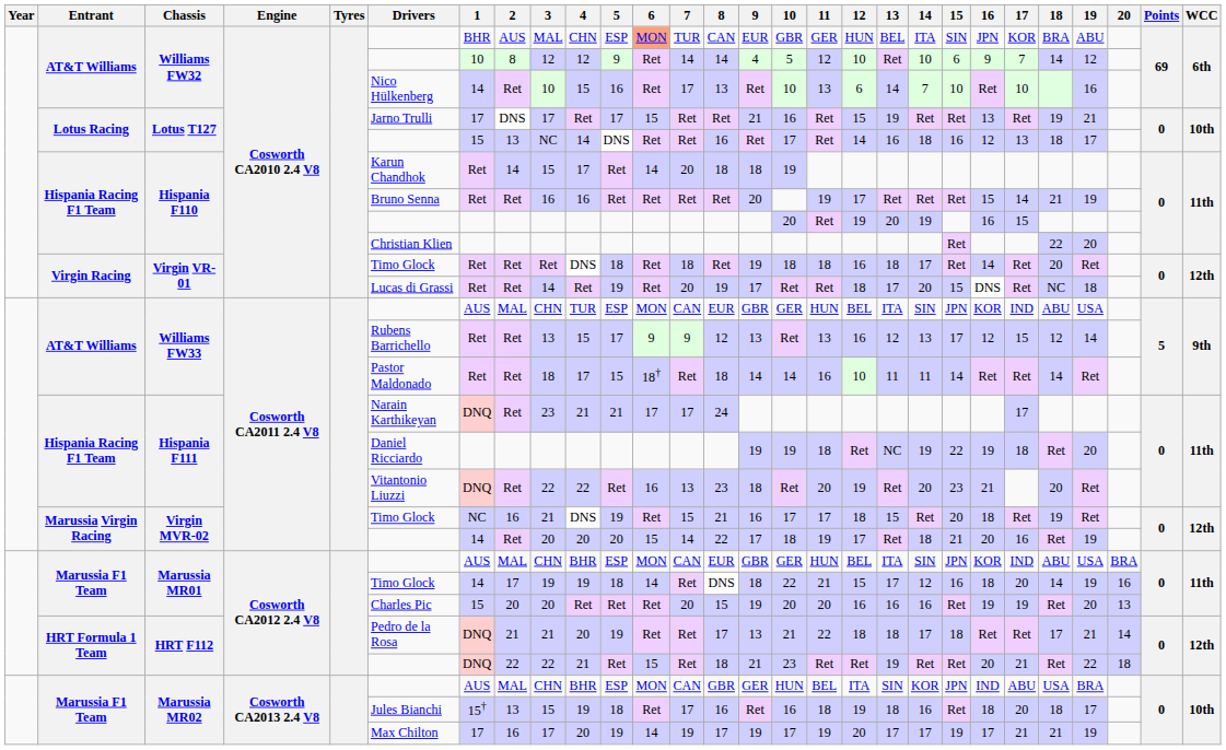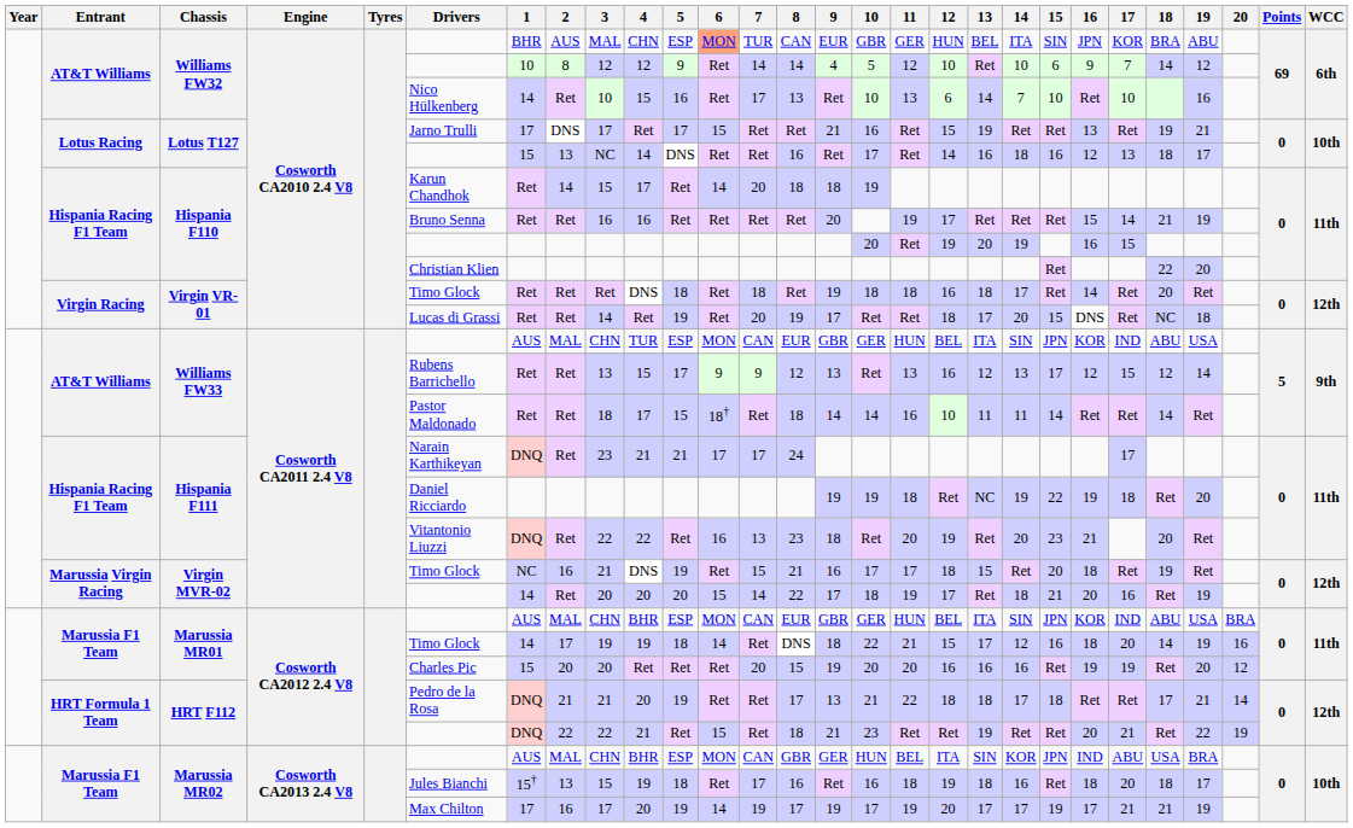 <table class="wikitable" style="text-align:center; font-size:85%">
 <tr>
 <th>Year</th>
 <th>Entrant</th>
 <th>Chassis</th>
 <th>Engine</th>
 <th>Tyres</th>
 <th>Drivers</th>
 <th>1</th>
 <th>2</th>
 <th>3</th>
 <th>4</th>
 <th>5</th>
 <th>6</th>
 <th>7</th>
 <th>8</th>
 <th>9</th>
 <th>10</th>
 <th>11</th>
 <th>12</th>
 <th>13</th>
 <th>14</th>
 <th>15</th>
 <th>16</th>
 <th>17</th>
 <th>18</th>
 <th>19</th>
 <th>20</th>
 <th><a href='#'>Points</a></th>
 <th>WCC</th>
 </tr>
 <tr>
 <td rowspan="11"></td>
 <th rowspan="3"><a href='#'>AT&T Williams</a></th>
 <th rowspan="3"><a href='#'>Williams</a> <a href='#'>FW32</a></th>
 <th rowspan="11"><a href='#'>Cosworth</a> CA2010 2.4 <a href='#'>V8</a></th>
 <th rowspan="11"></th>
 <td></td>
 <td><a href='#'>BHR</a></td>
 <td><a href='#'>AUS</a></td>
 <td><a href='#'>MAL</a></td>
 <td><a href='#'>CHN</a></td>
 <td><a href='#'>ESP</a></td>
 <td style="background: lightsalmon;"><a href='#'>MON</a></td>
 <td><a href='#'>TUR</a></td>
 <td><a href='#'>CAN</a></td>
 <td><a href='#'>EUR</a></td>
 <td><a href='#'>GBR</a></td>
 <td><a href='#'>GER</a></td>
 <td><a href='#'>HUN</a></td>
 <td><a href='#'>BEL</a></td>
 <td><a href='#'>ITA</a></td>
 <td><a href='#'>SIN</a></td>
 <td><a href='#'>JPN</a></td>
 <td><a href='#'>KOR</a></td>
 <td><a href='#'>BRA</a></td>
 <td><a href='#'>ABU</a></td>
 <td></td>
 <th rowspan="3">69</th>
 <th rowspan="3">6th</th>
 </tr>
 <tr>
 <td align="left"></td>
 <td style="background:#DFFFDF;">10</td>
 <td style="background:#DFFFDF;">8</td>
 <td style="background:#CFCFFF;">12</td>
 <td style="background:#CFCFFF;">12</td>
 <td style="background:#DFFFDF;">9</td>
 <td style="background:#EFCFFF;">Ret</td>
 <td style="background:#CFCFFF;">14</td>
 <td style="background:#CFCFFF;">14</td>
 <td style="background:#DFFFDF;">4</td>
 <td style="background:#DFFFDF;">5</td>
 <td style="background:#CFCFFF;">12</td>
 <td style="background:#DFFFDF;">10</td>
 <td style="background:#EFCFFF;">Ret</td>
 <td style="background:#DFFFDF;">10</td>
 <td style="background:#DFFFDF;">6</td>
 <td style="background:#DFFFDF;">9</td>
 <td style="background:#DFFFDF;">7</td>
 <td style="background:#CFCFFF;">14</td>
 <td style="background:#CFCFFF;">12</td>
 <td></td>
 </tr>
 <tr>
 <td align="left"> <a href='#'>Nico Hülkenberg</a></td>
 <td style="background:#CFCFFF;">14</td>
 <td style="background:#EFCFFF;">Ret</td>
 <td style="background:#DFFFDF;">10</td>
 <td style="background:#CFCFFF;">15</td>
 <td style="background:#CFCFFF;">16</td>
 <td style="background:#EFCFFF;">Ret</td>
 <td style="background:#CFCFFF;">17</td>
 <td style="background:#CFCFFF;">13</td>
 <td style="background:#EFCFFF;">Ret</td>
 <td style="background:#DFFFDF;">10</td>
 <td style="background:#CFCFFF;">13</td>
 <td style="background:#DFFFDF;">6</td>
 <td style="background:#CFCFFF;">14</td>
 <td style="background:#DFFFDF;">7</td>
 <td style="background:#DFFFDF;">10</td>
 <td style="background:#EFCFFF;">Ret</td>
 <td style="background:#DFFFDF;">10</td>
 <td style="background:#DFFFDF;"></td>
 <td style="background:#CFCFFF;">16</td>
 <td></td>
 </tr>
 <tr>
 <th rowspan="2"><a href='#'>Lotus Racing</a></th>
 <th rowspan="2"><a href='#'>Lotus</a> <a href='#'>T127</a></th>
 <td align="left"> <a href='#'>Jarno Trulli</a></td>
 <td style="background:#cfcfff;">17</td>
 <td style="background:#ffffff;">DNS</td>
 <td style="background:#cfcfff;">17</td>
 <td style="background:#efcfff;">Ret</td>
 <td style="background:#cfcfff;">17</td>
 <td style="background:#cfcfff;">15</td>
 <td style="background:#efcfff;">Ret</td>
 <td style="background:#efcfff;">Ret</td>
 <td style="background:#cfcfff;">21</td>
 <td style="background:#cfcfff;">16</td>
 <td style="background:#efcfff;">Ret</td>
 <td style="background:#cfcfff;">15</td>
 <td style="background:#cfcfff;">19</td>
 <td style="background:#efcfff;">Ret</td>
 <td style="background:#efcfff;">Ret</td>
 <td style="background:#cfcfff;">13</td>
 <td style="background:#efcfff;">Ret</td>
 <td style="background:#cfcfff;">19</td>
 <td style="background:#cfcfff;">21</td>
 <td></td>
 <th rowspan="2">0</th>
 <th rowspan="2">10th</th>
 </tr>
 <tr>
 <td align="left"></td>
 <td style="background:#cfcfff;">15</td>
 <td style="background:#cfcfff;">13</td>
 <td style="background:#cfcfff;">NC</td>
 <td style="background:#cfcfff;">14</td>
 <td style="background:#ffffff;">DNS</td>
 <td style="background:#efcfff;">Ret</td>
 <td style="background:#efcfff;">Ret</td>
 <td style="background:#cfcfff;">16</td>
 <td style="background:#efcfff;">Ret</td>
 <td style="background:#cfcfff;">17</td>
 <td style="background:#efcfff;">Ret</td>
 <td style="background:#cfcfff;">14</td>
 <td style="background:#cfcfff;">16</td>
 <td style="background:#cfcfff;">18</td>
 <td style="background:#cfcfff;">16</td>
 <td style="background:#cfcfff;">12</td>
 <td style="background:#cfcfff;">13</td>
 <td style="background:#cfcfff;">18</td>
 <td style="background:#cfcfff;">17</td>
 <td></td>
 </tr>
 <tr>
 <th rowspan="4"><a href='#'>Hispania Racing F1 Team</a></th>
 <th rowspan="4"><a href='#'>Hispania</a> <a href='#'>F110</a></th>
 <td align="left"> <a href='#'>Karun Chandhok</a></td>
 <td style="background:#EFCFFF;">Ret</td>
 <td style="background:#CFCFFF;">14</td>
 <td style="background:#CFCFFF;">15</td>
 <td style="background:#CFCFFF;">17</td>
 <td style="background:#EFCFFF;">Ret</td>
 <td style="background:#CFCFFF;">14</td>
 <td style="background:#CFCFFF;">20</td>
 <td style="background:#CFCFFF;">18</td>
 <td style="background:#CFCFFF;">18</td>
 <td style="background:#CFCFFF;">19</td>
 <td></td>
 <td></td>
 <td></td>
 <td></td>
 <td></td>
 <td></td>
 <td></td>
 <td></td>
 <td></td>
 <td></td>
 <th rowspan="4">0</th>
 <th rowspan="4">11th</th>
 </tr>
 <tr>
 <td align="left"> <a href='#'>Bruno Senna</a></td>
 <td style="background:#EFCFFF;">Ret</td>
 <td style="background:#EFCFFF;">Ret</td>
 <td style="background:#CFCFFF;">16</td>
 <td style="background:#CFCFFF;">16</td>
 <td style="background:#EFCFFF;">Ret</td>
 <td style="background:#EFCFFF;">Ret</td>
 <td style="background:#EFCFFF;">Ret</td>
 <td style="background:#EFCFFF;">Ret</td>
 <td style="background:#CFCFFF;">20</td>
 <td></td>
 <td style="background:#CFCFFF;">19</td>
 <td style="background:#CFCFFF;">17</td>
 <td style="background:#EFCFFF;">Ret</td>
 <td style="background:#EFCFFF;">Ret</td>
 <td style="background:#EFCFFF;">Ret</td>
 <td style="background:#CFCFFF;">15</td>
 <td style="background:#CFCFFF;">14</td>
 <td style="background:#CFCFFF;">21</td>
 <td style="background:#CFCFFF;">19</td>
 <td></td>
 </tr>
 <tr>
 <td align="left"></td>
 <td></td>
 <td></td>
 <td></td>
 <td></td>
 <td></td>
 <td></td>
 <td></td>
 <td></td>
 <td></td>
 <td style="background:#CFCFFF;">20</td>
 <td style="background:#EFCFFF;">Ret</td>
 <td style="background:#CFCFFF;">19</td>
 <td style="background:#CFCFFF;">20</td>
 <td style="background:#CFCFFF;">19</td>
 <td></td>
 <td style="background:#CFCFFF;">16</td>
 <td style="background:#CFCFFF;">15</td>
 <td></td>
 <td></td>
 <td></td>
 </tr>
 <tr>
 <td align="left"> <a href='#'>Christian Klien</a></td>
 <td></td>
 <td></td>
 <td></td>
 <td></td>
 <td></td>
 <td></td>
 <td></td>
 <td></td>
 <td></td>
 <td></td>
 <td></td>
 <td></td>
 <td></td>
 <td></td>
 <td style="background:#EFCFFF;">Ret</td>
 <td></td>
 <td></td>
 <td style="background:#CFCFFF;">22</td>
 <td style="background:#CFCFFF;">20</td>
 <td></td>
 </tr>
 <tr>
 <th rowspan="2"><a href='#'>Virgin Racing</a></th>
 <th rowspan="2"><a href='#'>Virgin</a> <a href='#'>VR-01</a></th>
 <td align="left"> <a href='#'>Timo Glock</a></td>
 <td style="background:#EFCFFF;">Ret</td>
 <td style="background:#EFCFFF;">Ret</td>
 <td style="background:#EFCFFF;">Ret</td>
 <td style="background:#FFFFFF;">DNS</td>
 <td style="background:#CFCFFF;">18</td>
 <td style="background:#EFCFFF;">Ret</td>
 <td style="background:#CFCFFF;">18</td>
 <td style="background:#EFCFFF;">Ret</td>
 <td style="background:#CFCFFF;">19</td>
 <td style="background:#CFCFFF;">18</td>
 <td style="background:#CFCFFF;">18</td>
 <td style="background:#CFCFFF;">16</td>
 <td style="background:#CFCFFF;">18</td>
 <td style="background:#CFCFFF;">17</td>
 <td style="background:#EFCFFF;">Ret</td>
 <td style="background:#CFCFFF;">14</td>
 <td style="background:#EFCFFF;">Ret</td>
 <td style="background:#CFCFFF;">20</td>
 <td style="background:#EFCFFF;">Ret</td>
 <td></td>
 <th rowspan="2">0</th>
 <th rowspan="2">12th</th>
 </tr>
 <tr>
 <td align="left"> <a href='#'>Lucas di Grassi</a></td>
 <td style="background:#EFCFFF;">Ret</td>
 <td style="background:#EFCFFF;">Ret</td>
 <td style="background:#CFCFFF;">14</td>
 <td style="background:#EFCFFF;">Ret</td>
 <td style="background:#CFCFFF;">19</td>
 <td style="background:#EFCFFF;">Ret</td>
 <td style="background:#CFCFFF;">20</td>
 <td style="background:#CFCFFF;">19</td>
 <td style="background:#CFCFFF;">17</td>
 <td style="background:#EFCFFF;">Ret</td>
 <td style="background:#EFCFFF;">Ret</td>
 <td style="background:#CFCFFF;">18</td>
 <td style="background:#CFCFFF;">17</td>
 <td style="background:#CFCFFF;">20</td>
 <td style="background:#CFCFFF;">15</td>
 <td style="background:#FFFFFF;">DNS</td>
 <td style="background:#EFCFFF;">Ret</td>
 <td style="background:#CFCFFF;">NC</td>
 <td style="background:#CFCFFF;">18</td>
 <td></td>
 </tr>
 <tr>
 <td rowspan="8"></td>
 <th rowspan="3"><a href='#'>AT&T Williams</a></th>
 <th rowspan="3"><a href='#'>Williams</a> <a href='#'>FW33</a></th>
 <th rowspan="8"><a href='#'>Cosworth</a> CA2011 2.4 <a href='#'>V8</a></th>
 <th rowspan="8"></th>
 <td></td>
 <td><a href='#'>AUS</a></td>
 <td><a href='#'>MAL</a></td>
 <td><a href='#'>CHN</a></td>
 <td><a href='#'>TUR</a></td>
 <td><a href='#'>ESP</a></td>
 <td><a href='#'>MON</a></td>
 <td><a href='#'>CAN</a></td>
 <td><a href='#'>EUR</a></td>
 <td><a href='#'>GBR</a></td>
 <td><a href='#'>GER</a></td>
 <td><a href='#'>HUN</a></td>
 <td><a href='#'>BEL</a></td>
 <td><a href='#'>ITA</a></td>
 <td><a href='#'>SIN</a></td>
 <td><a href='#'>JPN</a></td>
 <td><a href='#'>KOR</a></td>
 <td><a href='#'>IND</a></td>
 <td><a href='#'>ABU</a></td>
 <td><a href='#'>USA</a></td>
 <td></td>
 <th rowspan="3">5</th>
 <th rowspan="3">9th</th>
 </tr>
 <tr>
 <td align="left"> <a href='#'>Rubens Barrichello</a></td>
 <td style="background:#EFCFFF;">Ret</td>
 <td style="background:#EFCFFF;">Ret</td>
 <td style="background:#CFCFFF;">13</td>
 <td style="background:#CFCFFF;">15</td>
 <td style="background:#CFCFFF;">17</td>
 <td style="background:#DFFFDF;">9</td>
 <td style="background:#DFFFDF;">9</td>
 <td style="background:#CFCFFF;">12</td>
 <td style="background:#CFCFFF;">13</td>
 <td style="background:#EFCFFF;">Ret</td>
 <td style="background:#CFCFFF;">13</td>
 <td style="background:#CFCFFF;">16</td>
 <td style="background:#CFCFFF;">12</td>
 <td style="background:#CFCFFF;">13</td>
 <td style="background:#CFCFFF;">17</td>
 <td style="background:#CFCFFF;">12</td>
 <td style="background:#CFCFFF;">15</td>
 <td style="background:#CFCFFF;">12</td>
 <td style="background:#CFCFFF;">14</td>
 <td></td>
 </tr>
 <tr>
 <td align="left"> <a href='#'>Pastor Maldonado</a></td>
 <td style="background:#EFCFFF;">Ret</td>
 <td style="background:#EFCFFF;">Ret</td>
 <td style="background:#CFCFFF;">18</td>
 <td style="background:#CFCFFF;">17</td>
 <td style="background:#CFCFFF;">15</td>
 <td style="background:#CFCFFF;">18<sup>†</sup></td>
 <td style="background:#EFCFFF;">Ret</td>
 <td style="background:#CFCFFF;">18</td>
 <td style="background:#CFCFFF;">14</td>
 <td style="background:#CFCFFF;">14</td>
 <td style="background:#CFCFFF;">16</td>
 <td style="background:#DFFFDF;">10</td>
 <td style="background:#CFCFFF;">11</td>
 <td style="background:#CFCFFF;">11</td>
 <td style="background:#CFCFFF;">14</td>
 <td style="background:#EFCFFF;">Ret</td>
 <td style="background:#EFCFFF;">Ret</td>
 <td style="background:#CFCFFF;">14</td>
 <td style="background:#EFCFFF;">Ret</td>
 <td></td>
 </tr>
 <tr>
 <th rowspan="3"><a href='#'>Hispania Racing F1 Team</a></th>
 <th rowspan="3"><a href='#'>Hispania</a> <a href='#'>F111</a></th>
 <td align="left"> <a href='#'>Narain Karthikeyan</a></td>
 <td style="background:#FFCFCF;">DNQ</td>
 <td style="background:#EFCFFF;">Ret</td>
 <td style="background:#CFCFFF;">23</td>
 <td style="background:#CFCFFF;">21</td>
 <td style="background:#CFCFFF;">21</td>
 <td style="background:#CFCFFF;">17</td>
 <td style="background:#CFCFFF;">17</td>
 <td style="background:#CFCFFF;">24</td>
 <td></td>
 <td></td>
 <td></td>
 <td></td>
 <td></td>
 <td></td>
 <td></td>
 <td></td>
 <td style="background:#CFCFFF;">17</td>
 <td></td>
 <td></td>
 <td></td>
 <th rowspan="3">0</th>
 <th rowspan="3">11th</th>
 </tr>
 <tr>
 <td align="left"> <a href='#'>Daniel Ricciardo</a></td>
 <td></td>
 <td></td>
 <td></td>
 <td></td>
 <td></td>
 <td></td>
 <td></td>
 <td></td>
 <td style="background:#CFCFFF;">19</td>
 <td style="background:#CFCFFF;">19</td>
 <td style="background:#CFCFFF;">18</td>
 <td style="background:#EFCFFF;">Ret</td>
 <td style="background:#CFCFFF;">NC</td>
 <td style="background:#CFCFFF;">19</td>
 <td style="background:#CFCFFF;">22</td>
 <td style="background:#CFCFFF;">19</td>
 <td style="background:#CFCFFF;">18</td>
 <td style="background:#EFCFFF;">Ret</td>
 <td style="background:#CFCFFF;">20</td>
 <td></td>
 </tr>
 <tr>
 <td align="left"> <a href='#'>Vitantonio Liuzzi</a></td>
 <td style="background:#FFCFCF;">DNQ</td>
 <td style="background:#EFCFFF;">Ret</td>
 <td style="background:#CFCFFF;">22</td>
 <td style="background:#CFCFFF;">22</td>
 <td style="background:#EFCFFF;">Ret</td>
 <td style="background:#CFCFFF;">16</td>
 <td style="background:#CFCFFF;">13</td>
 <td style="background:#CFCFFF;">23</td>
 <td style="background:#CFCFFF;">18</td>
 <td style="background:#EFCFFF;">Ret</td>
 <td style="background:#CFCFFF;">20</td>
 <td style="background:#CFCFFF;">19</td>
 <td style="background:#EFCFFF;">Ret</td>
 <td style="background:#CFCFFF;">20</td>
 <td style="background:#CFCFFF;">23</td>
 <td style="background:#CFCFFF;">21</td>
 <td></td>
 <td style="background:#CFCFFF;">20</td>
 <td style="background:#EFCFFF;">Ret</td>
 <td></td>
 </tr>
 <tr>
 <th rowspan="2"><a href='#'>Marussia</a> <a href='#'>Virgin Racing</a></th>
 <th rowspan="2"><a href='#'>Virgin</a> <a href='#'>MVR-02</a></th>
 <td align="left"> <a href='#'>Timo Glock</a></td>
 <td style="background:#CFCFFF;">NC</td>
 <td style="background:#CFCFFF;">16</td>
 <td style="background:#CFCFFF;">21</td>
 <td style="background:#FFFFFF;">DNS</td>
 <td style="background:#CFCFFF;">19</td>
 <td style="background:#EFCFFF;">Ret</td>
 <td style="background:#CFCFFF;">15</td>
 <td style="background:#CFCFFF;">21</td>
 <td style="background:#CFCFFF;">16</td>
 <td style="background:#CFCFFF;">17</td>
 <td style="background:#CFCFFF;">17</td>
 <td style="background:#CFCFFF;">18</td>
 <td style="background:#CFCFFF;">15</td>
 <td style="background:#EFCFFF;">Ret</td>
 <td style="background:#CFCFFF;">20</td>
 <td style="background:#CFCFFF;">18</td>
 <td style="background:#EFCFFF;">Ret</td>
 <td style="background:#CFCFFF;">19</td>
 <td style="background:#EFCFFF;">Ret</td>
 <td></td>
 <th rowspan="2">0</th>
 <th rowspan="2">12th</th>
 </tr>
 <tr>
 <td align="left"></td>
 <td style="background:#cfcfff;">14</td>
 <td style="background:#EFCFFF;">Ret</td>
 <td style="background:#CFCFFF;">20</td>
 <td style="background:#CFCFFF;">20</td>
 <td style="background:#CFCFFF;">20</td>
 <td style="background:#CFCFFF;">15</td>
 <td style="background:#CFCFFF;">14</td>
 <td style="background:#CFCFFF;">22</td>
 <td style="background:#CFCFFF;">17</td>
 <td style="background:#CFCFFF;">18</td>
 <td style="background:#CFCFFF;">19</td>
 <td style="background:#CFCFFF;">17</td>
 <td style="background:#EFCFFF;">Ret</td>
 <td style="background:#CFCFFF;">18</td>
 <td style="background:#CFCFFF;">21</td>
 <td style="background:#CFCFFF;">20</td>
 <td style="background:#CFCFFF;">16</td>
 <td style="background:#EFCFFF;">Ret</td>
 <td style="background:#CFCFFF;">19</td>
 <td></td>
 </tr>
 <tr>
 <td rowspan="5"></td>
 <th rowspan="3"><a href='#'>Marussia F1 Team</a></th>
 <th rowspan="3"><a href='#'>Marussia</a> <a href='#'>MR01</a></th>
 <th rowspan="5"><a href='#'>Cosworth</a> CA2012 2.4 <a href='#'>V8</a></th>
 <th rowspan="5"></th>
 <td></td>
 <td><a href='#'>AUS</a></td>
 <td><a href='#'>MAL</a></td>
 <td><a href='#'>CHN</a></td>
 <td><a href='#'>BHR</a></td>
 <td><a href='#'>ESP</a></td>
 <td><a href='#'>MON</a></td>
 <td><a href='#'>CAN</a></td>
 <td><a href='#'>EUR</a></td>
 <td><a href='#'>GBR</a></td>
 <td><a href='#'>GER</a></td>
 <td><a href='#'>HUN</a></td>
 <td><a href='#'>BEL</a></td>
 <td><a href='#'>ITA</a></td>
 <td><a href='#'>SIN</a></td>
 <td><a href='#'>JPN</a></td>
 <td><a href='#'>KOR</a></td>
 <td><a href='#'>IND</a></td>
 <td><a href='#'>ABU</a></td>
 <td><a href='#'>USA</a></td>
 <td><a href='#'>BRA</a></td>
 <th rowspan="3">0</th>
 <th rowspan="3">11th</th>
 </tr>
 <tr>
 <td align="left"> <a href='#'>Timo Glock</a></td>
 <td style="background:#cfcfff;">14</td>
 <td style="background:#cfcfff;">17</td>
 <td style="background:#cfcfff;">19</td>
 <td style="background:#cfcfff;">19</td>
 <td style="background:#cfcfff;">18</td>
 <td style="background:#cfcfff;">14</td>
 <td style="background:#EFCFFF;">Ret</td>
 <td style="background:#fff;">DNS</td>
 <td style="background:#cfcfff;">18</td>
 <td style="background:#cfcfff;">22</td>
 <td style="background:#cfcfff;">21</td>
 <td style="background:#cfcfff;">15</td>
 <td style="background:#cfcfff;">17</td>
 <td style="background:#cfcfff;">12</td>
 <td style="background:#cfcfff;">16</td>
 <td style="background:#cfcfff;">18</td>
 <td style="background:#cfcfff;">20</td>
 <td style="background:#cfcfff;">14</td>
 <td style="background:#cfcfff;">19</td>
 <td style="background:#cfcfff;">16</td>
 </tr>
 <tr>
 <td align="left"> <a href='#'>Charles Pic</a></td>
 <td style="background:#cfcfff;">15</td>
 <td style="background:#cfcfff;">20</td>
 <td style="background:#cfcfff;">20</td>
 <td style="background:#EFCFFF;">Ret</td>
 <td style="background:#EFCFFF;">Ret</td>
 <td style="background:#EFCFFF;">Ret</td>
 <td style="background:#cfcfff;">20</td>
 <td style="background:#cfcfff;">15</td>
 <td style="background:#cfcfff;">19</td>
 <td style="background:#cfcfff;">20</td>
 <td style="background:#cfcfff;">20</td>
 <td style="background:#cfcfff;">16</td>
 <td style="background:#cfcfff;">16</td>
 <td style="background:#cfcfff;">16</td>
 <td style="background:#EFCFFF;">Ret</td>
 <td style="background:#cfcfff;">19</td>
 <td style="background:#cfcfff;">19</td>
 <td style="background:#EFCFFF;">Ret</td>
 <td style="background:#cfcfff;">20</td>
-<td style="background:#cfcfff;">13</td>
+<td style="background:#cfcfff;">12</td>
 </tr>
 <tr>
 <th rowspan="2"><a href='#'>HRT Formula 1 Team</a></th>
 <th rowspan="2"><a href='#'>HRT</a> <a href='#'>F112</a></th>
 <td align="left"> <a href='#'>Pedro de la Rosa</a></td>
 <td style="background:#FFCFCF;">DNQ</td>
 <td style="background:#CFCFFF;">21</td>
 <td style="background:#CFCFFF;">21</td>
 <td style="background:#CFCFFF;">20</td>
 <td style="background:#CFCFFF;">19</td>
 <td style="background:#EFCFFF;">Ret</td>
 <td style="background:#EFCFFF;">Ret</td>
 <td style="background:#CFCFFF;">17</td>
 <td style="background:#CFCFFF;">13</td>
 <td style="background:#CFCFFF;">21</td>
 <td style="background:#CFCFFF;">22</td>
 <td style="background:#CFCFFF;">18</td>
 <td style="background:#CFCFFF;">18</td>
 <td style="background:#CFCFFF;">17</td>
 <td style="background:#CFCFFF;">18</td>
 <td style="background:#EFCFFF;">Ret</td>
 <td style="background:#EFCFFF;">Ret</td>
 <td style="background:#CFCFFF;">17</td>
 <td style="background:#CFCFFF;">21</td>
 <td style="background:#CFCFFF;">14</td>
 <th rowspan="2">0</th>
 <th rowspan="2">12th</th>
 </tr>
 <tr>
 <td align="left"></td>
 <td style="background:#FFCFCF;">DNQ</td>
 <td style="background:#CFCFFF;">22</td>
 <td style="background:#CFCFFF;">22</td>
 <td style="background:#CFCFFF;">21</td>
 <td style="background:#EFCFFF;">Ret</td>
 <td style="background:#CFCFFF;">15</td>
 <td style="background:#EFCFFF;">Ret</td>
 <td style="background:#CFCFFF;">18</td>
 <td style="background:#CFCFFF;">21</td>
 <td style="background:#CFCFFF;">23</td>
 <td style="background:#EFCFFF;">Ret</td>
 <td style="background:#EFCFFF;">Ret</td>
 <td style="background:#CFCFFF;">19</td>
 <td style="background:#EFCFFF;">Ret</td>
 <td style="background:#EFCFFF;">Ret</td>
 <td style="background:#CFCFFF;">20</td>
 <td style="background:#CFCFFF;">21</td>
 <td style="background:#EFCFFF;">Ret</td>
 <td style="background:#CFCFFF;">22</td>
-<td style="background:#CFCFFF;">18</td>
+<td style="background:#CFCFFF;">19</td>
 </tr>
 <tr>
 <td rowspan="3"></td>
 <th rowspan="3"><a href='#'>Marussia F1 Team</a></th>
 <th rowspan="3"><a href='#'>Marussia</a> <a href='#'>MR02</a></th>
 <th rowspan="3"><a href='#'>Cosworth</a> CA2013 2.4 <a href='#'>V8</a></th>
 <th rowspan="3"></th>
 <td></td>
 <td><a href='#'>AUS</a></td>
 <td><a href='#'>MAL</a></td>
 <td><a href='#'>CHN</a></td>
 <td><a href='#'>BHR</a></td>
 <td><a href='#'>ESP</a></td>
 <td><a href='#'>MON</a></td>
 <td><a href='#'>CAN</a></td>
 <td><a href='#'>GBR</a></td>
 <td><a href='#'>GER</a></td>
 <td><a href='#'>HUN</a></td>
 <td><a href='#'>BEL</a></td>
 <td><a href='#'>ITA</a></td>
 <td><a href='#'>SIN</a></td>
 <td><a href='#'>KOR</a></td>
 <td><a href='#'>JPN</a></td>
 <td><a href='#'>IND</a></td>
 <td><a href='#'>ABU</a></td>
 <td><a href='#'>USA</a></td>
 <td><a href='#'>BRA</a></td>
 <td></td>
 <th rowspan="3">0</th>
 <th rowspan="3">10th</th>
 </tr>
 <tr>
 <td align="left"> <a href='#'>Jules Bianchi</a></td>
 <td style="background:#cfcfff;">15<sup>†</sup></td>
 <td style="background:#cfcfff;">13</td>
 <td style="background:#cfcfff;">15</td>
 <td style="background:#cfcfff;">19</td>
 <td style="background:#cfcfff;">18</td>
 <td style="background:#efcfff;">Ret</td>
 <td style="background:#cfcfff;">17</td>
 <td style="background:#cfcfff;">16</td>
 <td style="background:#efcfff;">Ret</td>
 <td style="background:#cfcfff;">16</td>
 <td style="background:#cfcfff;">18</td>
 <td style="background:#cfcfff;">19</td>
 <td style="background:#cfcfff;">18</td>
 <td style="background:#cfcfff;">16</td>
 <td style="background:#efcfff;">Ret</td>
 <td style="background:#cfcfff;">18</td>
 <td style="background:#cfcfff;">20</td>
 <td style="background:#cfcfff;">18</td>
 <td style="background:#cfcfff;">17</td>
 <td></td>
 </tr>
 <tr>
 <td align="left"> <a href='#'>Max Chilton</a></td>
 <td style="background:#cfcfff;">17</td>
 <td style="background:#cfcfff;">16</td>
 <td style="background:#cfcfff;">17</td>
 <td style="background:#cfcfff;">20</td>
 <td style="background:#cfcfff;">19</td>
 <td style="background:#cfcfff;">14</td>
 <td style="background:#cfcfff;">19</td>
 <td style="background:#cfcfff;">17</td>
 <td style="background:#cfcfff;">19</td>
 <td style="background:#cfcfff;">17</td>
 <td style="background:#cfcfff;">19</td>
 <td style="background:#cfcfff;">20</td>
 <td style="background:#cfcfff;">17</td>
 <td style="background:#cfcfff;">17</td>
 <td style="background:#cfcfff;">19</td>
 <td style="background:#cfcfff;">17</td>
 <td style="background:#cfcfff;">21</td>
 <td style="background:#cfcfff;">21</td>
 <td style="background:#cfcfff;">19</td>
 <td></td>
 </tr>
 </table>
